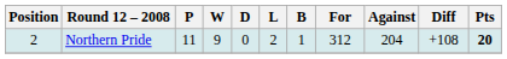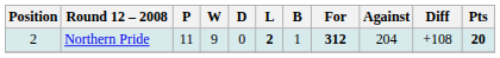 <table class="wikitable" style="text-align:center; font-size:85%;">
 <tr>
 <th width=40 abbr="Position">Position</th>
 <th width=100>Round 12 – 2008</th>
 <th width=20 abbr="Played">P</th>
 <th width=20 abbr="Won">W</th>
 <th width=20 abbr="Drawn">D</th>
 <th width=20 abbr="Lost">L</th>
 <th width=20 abbr="Bye">B</th>
 <th width=40 abbr="Points for">For</th>
 <th width=40 abbr="Points against">Against</th>
 <th width=40 abbr="Points difference">Diff</th>
 <th width=25 abbr="Points">Pts</th>
 </tr>
 <tr style="background: #d7ebed;">
 <td>2</td>
 <td style="text-align:left;"> <a href='#'>Northern Pride</a></td>
 <td>11</td>
 <td>9</td>
 <td>0</td>
-<td>2</td>
+<td><strong>2</strong></td>
 <td>1</td>
-<td>312</td>
+<td><strong>312</strong></td>
 <td>204</td>
 <td>+108</td>
 <td><strong>20</strong></td>
 </tr>
 <tr>
 </tr>
 </table>
